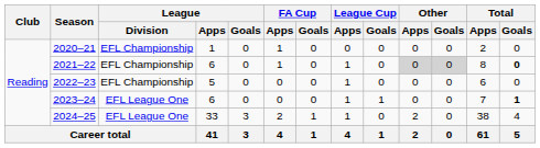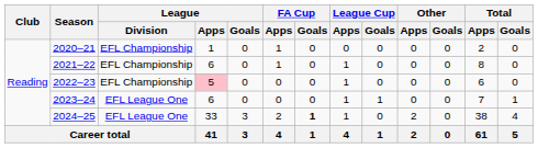 <table class="wikitable" style="text-align: center">
 <tr>
 <th rowspan="2">Club</th>
 <th rowspan="2">Season</th>
 <th colspan="3">League</th>
 <th colspan="2"><a href='#'>FA Cup</a></th>
 <th colspan="2"><a href='#'>League Cup</a></th>
 <th colspan="2">Other</th>
 <th colspan="2">Total</th>
 </tr>
 <tr>
 <th>Division</th>
 <th>Apps</th>
 <th>Goals</th>
 <th>Apps</th>
 <th>Goals</th>
 <th>Apps</th>
 <th>Goals</th>
 <th>Apps</th>
 <th>Goals</th>
 <th>Apps</th>
 <th>Goals</th>
 </tr>
 <tr>
 <td rowspan="5"><a href='#'>Reading</a></td>
 <td><a href='#'>2020–21</a></td>
 <td><a href='#'>EFL Championship</a></td>
 <td>1</td>
 <td>0</td>
 <td>1</td>
 <td>0</td>
 <td>0</td>
 <td>0</td>
 <td>0</td>
 <td>0</td>
 <td>2</td>
 <td>0</td>
 </tr>
 <tr>
 <td><a href='#'>2021–22</a></td>
 <td>EFL Championship</td>
 <td>6</td>
 <td>0</td>
 <td>1</td>
 <td>0</td>
 <td>1</td>
 <td>0</td>
-<td style="background: lightgrey;">0</td>
-<td style="background: lightgrey;">0</td>
+<td>0</td>
+<td>0</td>
 <td>8</td>
-<td><strong>0</strong></td>
+<td>0</td>
 </tr>
 <tr>
 <td><a href='#'>2022–23</a></td>
 <td>EFL Championship</td>
-<td>5</td>
+<td style="background: pink;">5</td>
 <td>0</td>
 <td>0</td>
 <td>0</td>
 <td>1</td>
 <td>0</td>
 <td>0</td>
 <td>0</td>
 <td>6</td>
 <td>0</td>
 </tr>
 <tr>
 <td><a href='#'>2023–24</a></td>
 <td><a href='#'>EFL League One</a></td>
 <td>6</td>
 <td>0</td>
 <td>0</td>
 <td>0</td>
 <td>1</td>
 <td>1</td>
 <td>0</td>
 <td>0</td>
 <td>7</td>
-<td><strong>1</strong></td>
+<td>1</td>
 </tr>
 <tr>
 <td><a href='#'>2024–25</a></td>
 <td><a href='#'>EFL League One</a></td>
 <td>33</td>
 <td>3</td>
 <td>2</td>
-<td>1</td>
+<td><strong>1</strong></td>
 <td>1</td>
 <td>0</td>
 <td>2</td>
 <td>0</td>
 <td>38</td>
 <td>4</td>
 </tr>
 <tr>
 <th colspan="3">Career total</th>
 <th>41</th>
 <th>3</th>
 <th>4</th>
 <th>1</th>
 <th>4</th>
 <th>1</th>
 <th>2</th>
 <th>0</th>
 <th>61</th>
 <th>5</th>
 </tr>
 </table>
